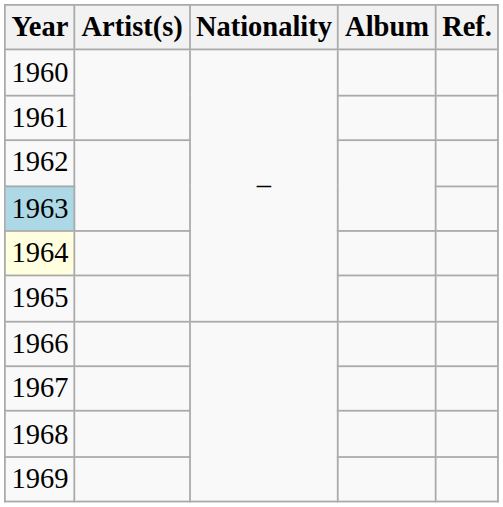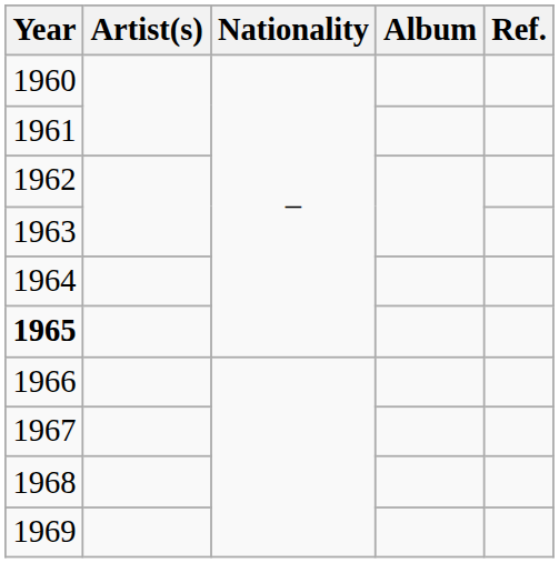 <table class="wikitable sortable">
 <tr>
 <th>Year</th>
 <th>Artist(s)</th>
 <th>Nationality</th>
 <th>Album</th>
 <th>Ref.</th>
 </tr>
 <tr>
 <td style="text-align:center;">1960</td>
 <td rowspan="2"></td>
 <td style="text-align:center;" rowspan="6">–</td>
 <td></td>
 <td style="text-align:center;"></td>
 </tr>
 <tr>
 <td style="text-align:center;">1961</td>
 <td></td>
 <td style="text-align:center;"></td>
 </tr>
 <tr>
 <td style="text-align:center;">1962</td>
 <td rowspan="2"></td>
 <td rowspan="2"></td>
 <td style="text-align:center;"></td>
 </tr>
 <tr>
-<td style="background: lightblue; text-align:center;">1963</td>
+<td style="text-align:center;">1963</td>
 <td style="text-align:center;"></td>
 </tr>
 <tr>
-<td style="background: lightyellow; text-align:center;">1964</td>
+<td style="text-align:center;">1964</td>
 <td></td>
 <td></td>
 <td style="text-align:center;"></td>
 </tr>
 <tr>
-<td style="text-align:center;">1965</td>
+<td style="text-align:center;"><strong>1965</strong></td>
 <td></td>
 <td></td>
 <td style="text-align:center;"></td>
 </tr>
 <tr>
 <td style="text-align:center;">1966</td>
 <td></td>
 <td rowspan="4"></td>
 <td></td>
 <td style="text-align:center;"></td>
 </tr>
 <tr>
 <td style="text-align:center;">1967</td>
 <td></td>
 <td></td>
 <td style="text-align:center;"></td>
 </tr>
 <tr>
 <td style="text-align:center;">1968</td>
 <td></td>
 <td></td>
 <td style="text-align:center;"></td>
 </tr>
 <tr>
 <td style="text-align:center;">1969</td>
 <td></td>
 <td></td>
 <td style="text-align:center;"></td>
 </tr>
 </table>
